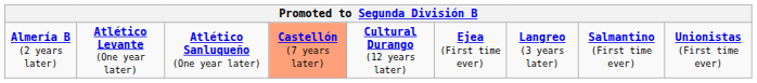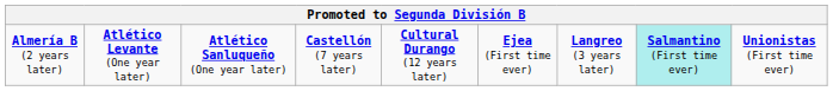 <table class="wikitable" style="text-align: center; margin: 0 auto;">
 <tr>
 <th colspan="9">Promoted to <a href='#'>Segunda División B</a></th>
 </tr>
 <tr>
 <td><strong><a href='#'>Almería B</a></strong><br><small>(2 years later)</small></td>
 <td><strong><a href='#'>Atlético Levante</a></strong><br><small>(One year later)</small></td>
 <td><strong><a href='#'>Atlético Sanluqueño</a></strong><br><small>(One year later)</small></td>
-<td style="background: lightsalmon;"><strong><a href='#'>Castellón</a></strong><br><small>(7 years later)</small></td>
+<td><strong><a href='#'>Castellón</a></strong><br><small>(7 years later)</small></td>
 <td><strong><a href='#'>Cultural Durango</a></strong><br><small>(12 years later)</small></td>
 <td><strong><a href='#'>Ejea</a></strong><br><small>(First time ever)</small></td>
 <td><strong><a href='#'>Langreo</a></strong><br><small>(3 years later)</small></td>
-<td><strong><a href='#'>Salmantino</a></strong><br><small>(First time ever)</small></td>
+<td style="background: paleturquoise;"><strong><a href='#'>Salmantino</a></strong><br><small>(First time ever)</small></td>
 <td><strong><a href='#'>Unionistas</a></strong><br><small>(First time ever)</small></td>
 </tr>
 </table>
